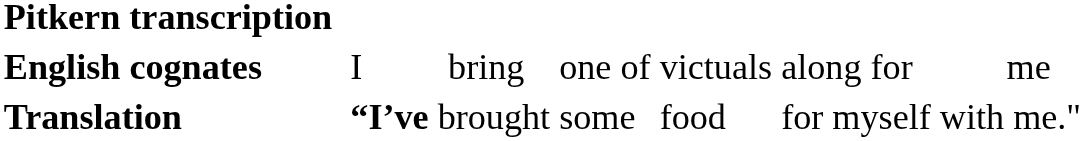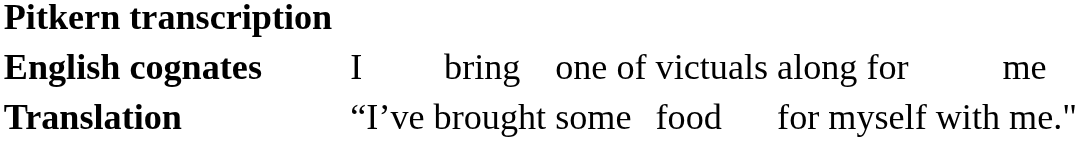 <table>
 <tr>
 <td><strong>Pitkern transcription</strong></td>
 <td></td>
 <td></td>
 <td></td>
 <td></td>
 <td></td>
 <td></td>
 <td></td>
 <td></td>
 <td></td>
 </tr>
 <tr>
 <td><strong>English cognates</strong></td>
 <td></td>
 <td>I</td>
 <td></td>
 <td>bring</td>
 <td>one</td>
 <td>of</td>
 <td>victuals</td>
 <td>along for</td>
 <td>me</td>
 </tr>
 <tr>
 <td><strong>Translation</strong></td>
 <td></td>
-<td><strong>“I’ve</strong></td>
+<td>“I’ve</td>
 <td colspan="2">brought</td>
 <td colspan="2">some</td>
 <td>food</td>
 <td colspan="2">for myself with me."</td>
 </tr>
 </table>
